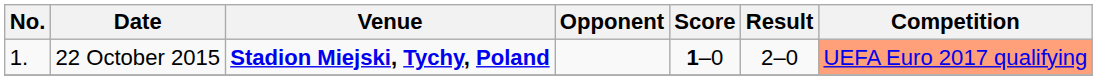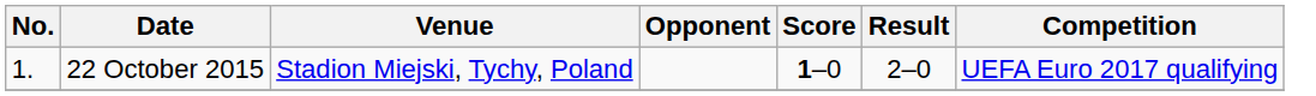 <table class="wikitable">
 <tr>
 <th>No.</th>
 <th>Date</th>
 <th>Venue</th>
 <th>Opponent</th>
 <th>Score</th>
 <th>Result</th>
 <th>Competition</th>
 </tr>
 <tr>
 <td>1.</td>
 <td>22 October 2015</td>
-<td><strong><a href='#'>Stadion Miejski</a>, <a href='#'>Tychy</a>, <a href='#'>Poland</a></strong></td>
+<td><a href='#'>Stadion Miejski</a>, <a href='#'>Tychy</a>, <a href='#'>Poland</a></td>
 <td></td>
 <td align=center><strong>1</strong>–0</td>
 <td align=center>2–0</td>
-<td style="background: lightsalmon;"><a href='#'>UEFA Euro 2017 qualifying</a></td>
+<td><a href='#'>UEFA Euro 2017 qualifying</a></td>
 </tr>
 <tr>
 </tr>
 </table>
